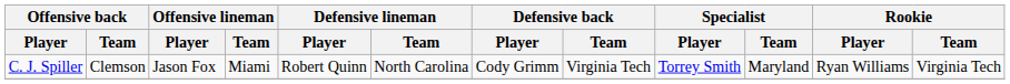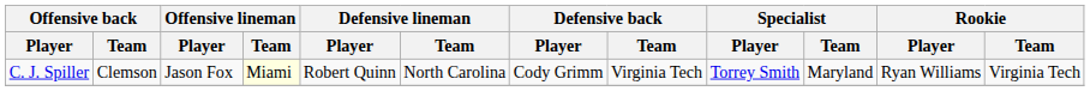 <table class="wikitable" border="1">
 <tr>
 <th colspan="2">Offensive back</th>
 <th colspan="2">Offensive lineman</th>
 <th colspan="2">Defensive lineman</th>
 <th colspan="2">Defensive back</th>
 <th colspan="2">Specialist</th>
 <th colspan="2">Rookie</th>
 </tr>
 <tr>
 <th>Player</th>
 <th>Team</th>
 <th>Player</th>
 <th>Team</th>
 <th>Player</th>
 <th>Team</th>
 <th>Player</th>
 <th>Team</th>
 <th>Player</th>
 <th>Team</th>
 <th>Player</th>
 <th>Team</th>
 </tr>
 <tr>
 <td><a href='#'>C. J. Spiller</a></td>
 <td>Clemson</td>
 <td>Jason Fox</td>
-<td>Miami</td>
+<td style="background: lightyellow;">Miami</td>
 <td>Robert Quinn</td>
 <td>North Carolina</td>
 <td>Cody Grimm</td>
 <td>Virginia Tech</td>
 <td><a href='#'>Torrey Smith</a></td>
 <td>Maryland</td>
 <td>Ryan Williams</td>
 <td>Virginia Tech</td>
 </tr>
 <tr>
 </tr>
 </table>
